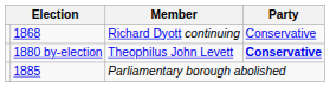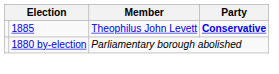 <table class="wikitable">
 <tr>
 <th colspan="2">Election</th>
 <th>Member</th>
 <th>Party</th>
 </tr>
 <tr>
 <td style="color:inherit;background-color: "></td>
-<td><a href='#'>1868</a></td>
-<td><a href='#'>Richard Dyott</a> <em>continuing</em></td>
-<td><a href='#'>Conservative</a></td>
-</tr>
-<tr>
-<td style="color:inherit;background-color: "></td>
-<td><a href='#'>1880 by-election</a></td>
+<td><a href='#'>1885</a></td>
 <td><a href='#'>Theophilus John Levett</a></td>
 <td><strong><a href='#'>Conservative</a></strong></td>
 </tr>
 <tr>
 <td></td>
-<td><a href='#'>1885</a></td>
+<td><a href='#'>1880 by-election</a></td>
 <td colspan="2"><em>Parliamentary borough abolished</em></td>
 </tr>
 </table>
